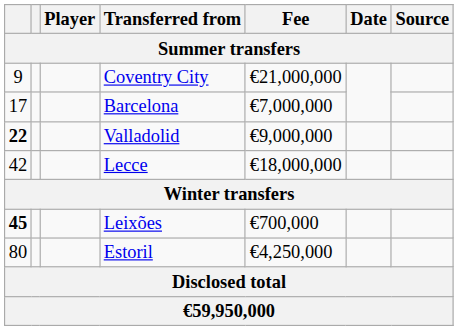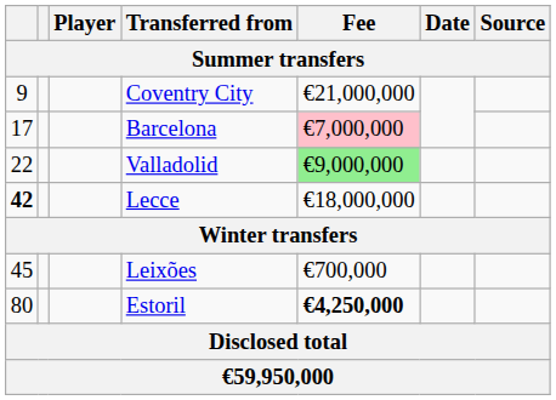 <table class="wikitable plainrowheaders sortable">
 <tr>
 <th></th>
 <th></th>
 <th scope=col>Player</th>
 <th>Transferred from</th>
 <th !scope=col; style="width: 65px;">Fee</th>
 <th scope=col>Date</th>
 <th scope=col>Source</th>
 </tr>
 <tr>
 <th colspan="7">Summer transfers</th>
 </tr>
 <tr>
 <td align=center>9</td>
 <td align=center></td>
 <td></td>
 <td> <a href='#'>Coventry City</a></td>
 <td>€21,000,000</td>
 <td rowspan=2></td>
 <td></td>
 </tr>
 <tr>
 <td align=center>17</td>
 <td align=center></td>
 <td></td>
 <td> <a href='#'>Barcelona</a></td>
-<td>€7,000,000</td>
+<td style="background: pink;">€7,000,000</td>
 <td></td>
 </tr>
 <tr>
-<td align=center><strong>22</strong></td>
+<td align=center>22</td>
 <td align=center></td>
 <td></td>
 <td> <a href='#'>Valladolid</a></td>
-<td>€9,000,000</td>
+<td style="background: lightgreen;">€9,000,000</td>
 <td rowspan=1></td>
 <td></td>
 </tr>
 <tr>
-<td align=center>42</td>
+<td align=center><strong>42</strong></td>
 <td align=center></td>
 <td></td>
 <td> <a href='#'>Lecce</a></td>
 <td>€18,000,000</td>
 <td rowspan=1></td>
 <td></td>
 </tr>
 <tr>
 <th colspan="7">Winter transfers</th>
 </tr>
 <tr>
-<td align=center><strong>45</strong></td>
+<td align=center>45</td>
 <td align=center></td>
 <td></td>
 <td> <a href='#'>Leixões</a></td>
 <td>€700,000</td>
 <td rowspan=1></td>
 <td></td>
 </tr>
 <tr>
 <td align=center>80</td>
 <td align=center></td>
 <td></td>
 <td> <a href='#'>Estoril</a></td>
-<td>€4,250,000</td>
+<td><strong>€4,250,000</strong></td>
 <td rowspan=1></td>
 <td></td>
 </tr>
 <tr>
 <th colspan="7">Disclosed total</th>
 </tr>
 <tr>
 <th colspan="7">€59,950,000</th>
 </tr>
 </table>
